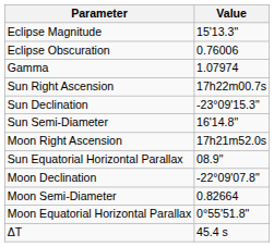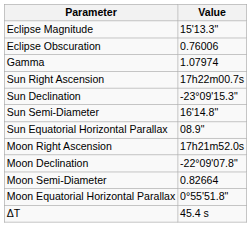 <table class="wikitable">
 <tr>
 <th>Parameter</th>
 <th>Value</th>
 </tr>
 <tr>
 <td>Eclipse Magnitude</td>
 <td>15'13.3"</td>
 </tr>
 <tr>
 <td>Eclipse Obscuration</td>
 <td>0.76006</td>
 </tr>
 <tr>
 <td>Gamma</td>
 <td>1.07974</td>
 </tr>
 <tr>
 <td>Sun Right Ascension</td>
 <td>17h22m00.7s</td>
 </tr>
 <tr>
 <td>Sun Declination</td>
 <td>-23°09'15.3"</td>
 </tr>
 <tr>
 <td>Sun Semi-Diameter</td>
 <td>16'14.8"</td>
 </tr>
 <tr>
+<td>Sun Equatorial Horizontal Parallax</td>
+<td>08.9"</td>
+</tr>
+<tr>
 <td>Moon Right Ascension</td>
 <td>17h21m52.0s</td>
-</tr>
-<tr>
-<td>Sun Equatorial Horizontal Parallax</td>
-<td>08.9"</td>
 </tr>
 <tr>
 <td>Moon Declination</td>
 <td>-22°09'07.8"</td>
 </tr>
 <tr>
 <td>Moon Semi-Diameter</td>
 <td>0.82664</td>
 </tr>
 <tr>
 <td>Moon Equatorial Horizontal Parallax</td>
 <td>0°55'51.8"</td>
 </tr>
 <tr>
 <td>ΔT</td>
 <td>45.4 s</td>
 </tr>
 </table>
